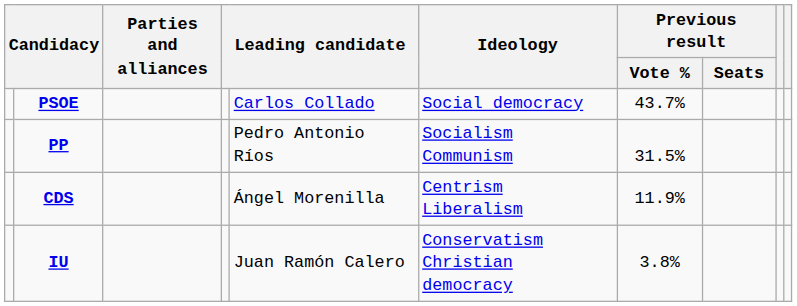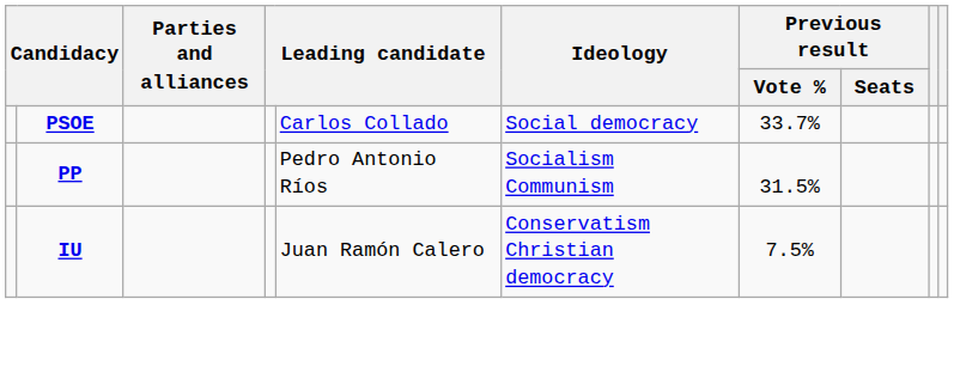 <table class="wikitable" style="line-height:1.35em; text-align:left;">
 <tr>
 <th colspan="2" rowspan="2">Candidacy</th>
 <th rowspan="2">Parties and<br>alliances</th>
 <th colspan="2" rowspan="2">Leading candidate</th>
 <th rowspan="2">Ideology</th>
 <th colspan="2">Previous result</th>
 <th rowspan="2"></th>
 <th rowspan="2"></th>
 </tr>
 <tr>
 <th>Vote %</th>
 <th>Seats</th>
 </tr>
 <tr>
 <td width="1" style="color:inherit;background:"></td>
 <td align="center"><strong><a href='#'>PSOE</a></strong></td>
 <td></td>
 <td></td>
 <td><a href='#'>Carlos Collado</a></td>
 <td><a href='#'>Social democracy</a></td>
-<td align="center">43.7%</td>
+<td align="center">33.7%</td>
 <td></td>
 <td></td>
 <td></td>
 </tr>
 <tr>
 <td style="color:inherit;background:"></td>
 <td align="center"><strong><a href='#'>PP</a></strong></td>
 <td></td>
 <td></td>
 <td>Pedro Antonio Ríos</td>
 <td><a href='#'>Socialism</a><br><a href='#'>Communism</a></td>
 <td align="center"><br>31.5%<br></td>
 <td></td>
 <td></td>
 <td></td>
 </tr>
 <tr>
 <td style="color:inherit;background:"></td>
-<td align="center"><strong><a href='#'>CDS</a></strong></td>
-<td></td>
-<td></td>
-<td>Ángel Morenilla</td>
-<td><a href='#'>Centrism</a><br><a href='#'>Liberalism</a></td>
-<td align="center">11.9%</td>
-<td></td>
-<td></td>
-<td></td>
-</tr>
-<tr>
-<td style="color:inherit;background:"></td>
 <td align="center"><strong><a href='#'>IU</a></strong></td>
 <td></td>
 <td></td>
 <td>Juan Ramón Calero</td>
 <td><a href='#'>Conservatism</a><br><a href='#'>Christian democracy</a></td>
-<td align="center">3.8%</td>
+<td align="center">7.5%</td>
 <td></td>
 <td></td>
 <td></td>
 </tr>
 </table>
